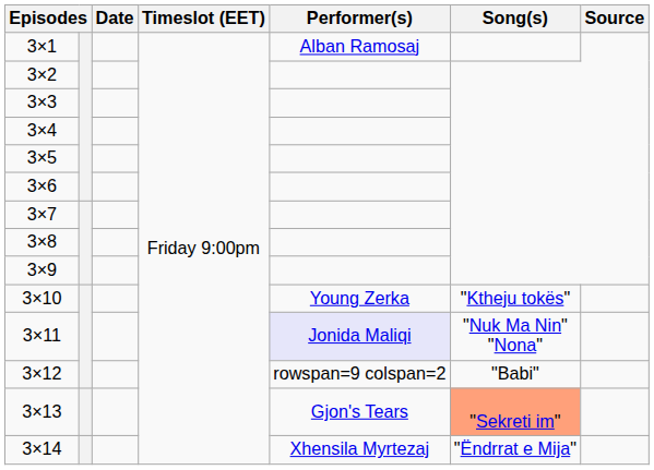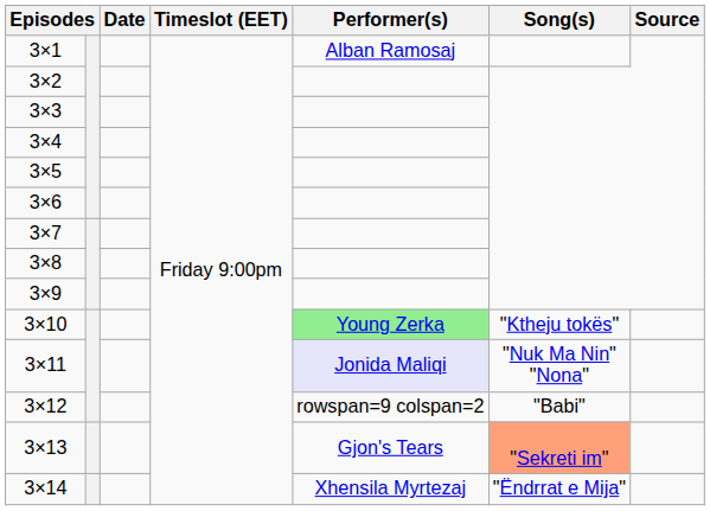 <table class="wikitable sortable plainrowheaders" style="text-align:center">
 <tr>
 <th scope="col" colspan=2>Episodes</th>
 <th scope="col">Date</th>
 <th scope="col">Timeslot (EET)</th>
 <th scope="col">Performer(s)</th>
 <th scope="col">Song(s)</th>
 <th scope="col">Source</th>
 </tr>
 <tr>
 <td>3×1</td>
 <th rowspan=6></th>
 <td></td>
 <td rowspan=14>Friday 9:00pm</td>
 <td><a href='#'>Alban Ramosaj</a></td>
 <td></td>
 </tr>
 <tr>
 <td>3×2</td>
 <td></td>
 <td></td>
 </tr>
 <tr>
 <td>3×3</td>
 <td></td>
 <td></td>
 </tr>
 <tr>
 <td>3×4</td>
 <td></td>
 <td></td>
 </tr>
 <tr>
 <td>3×5</td>
 <td></td>
 <td></td>
 </tr>
 <tr>
 <td>3×6</td>
 <td></td>
 <td></td>
 </tr>
 <tr>
 <td>3×7</td>
 <th rowspan=3></th>
 <td></td>
 <td></td>
 </tr>
 <tr>
 <td>3×8</td>
 <td></td>
 <td></td>
 </tr>
 <tr>
 <td>3×9</td>
 <td></td>
 <td></td>
 </tr>
 <tr>
 <td>3×10<br></td>
 <th rowspan=3></th>
 <td></td>
-<td><a href='#'>Young Zerka</a></td>
+<td style="background: lightgreen;"><a href='#'>Young Zerka</a></td>
 <td>"<a href='#'>Ktheju tokës</a>"</td>
 <td></td>
 </tr>
 <tr>
 <td>3×11<br></td>
 <td></td>
 <td style="background: lavender;"><a href='#'>Jonida Maliqi</a></td>
 <td>"<a href='#'>Nuk Ma Nin</a>"<br>"<a href='#'>Nona</a>"</td>
 <td></td>
 </tr>
 <tr>
 <td>3×12<br></td>
 <td></td>
 <td>rowspan=9 colspan=2 </td>
 <td>"Babi"</td>
 <td></td>
 </tr>
 <tr>
 <td>3×13<br></td>
 <th></th>
 <td></td>
 <td><a href='#'>Gjon's Tears</a></td>
 <td style="background: lightsalmon;"><br>"<a href='#'>Sekreti im</a>"</td>
 <td></td>
 </tr>
 <tr>
 <td>3×14<br></td>
 <th></th>
 <td></td>
 <td><a href='#'>Xhensila Myrtezaj</a></td>
 <td>"<a href='#'>Ëndrrat e Mija</a>"</td>
 <td></td>
 </tr>
 </table>
